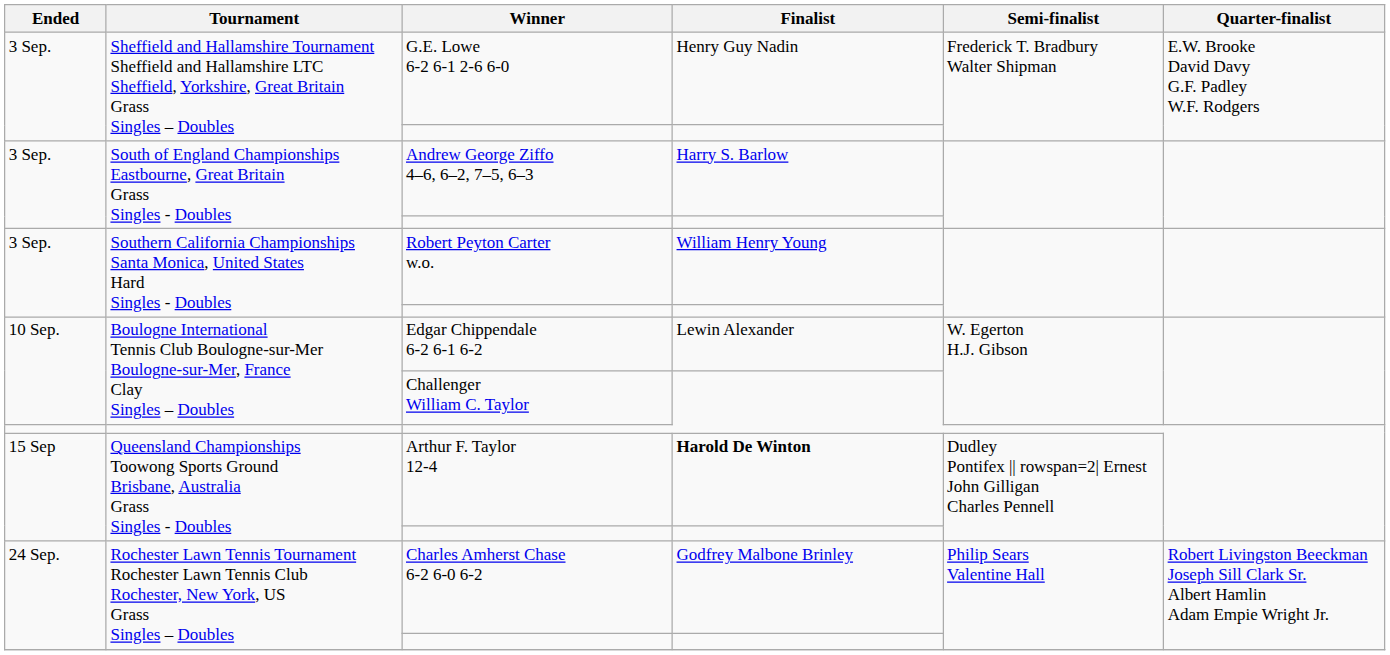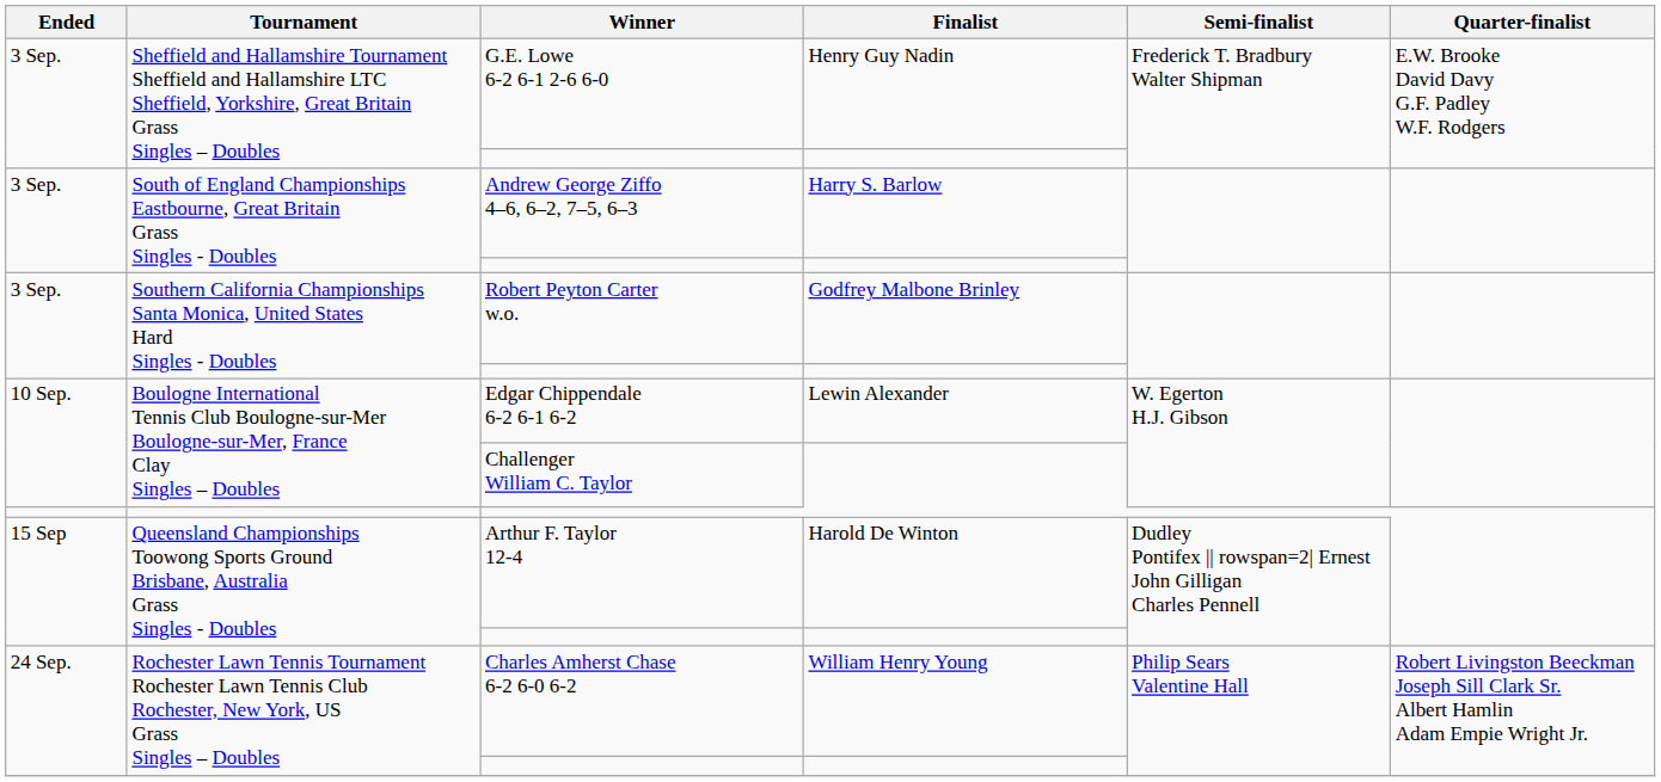 <table class="wikitable" style="font-size:85%;">
 <tr>
 <th width="75">Ended</th>
 <th width="230">Tournament</th>
 <th width="210">Winner</th>
 <th width="210">Finalist</th>
 <th width="170">Semi-finalist</th>
 <th width="170">Quarter-finalist</th>
 </tr>
 <tr valign=top>
 <td rowspan=2>3 Sep.</td>
 <td rowspan=2><a href='#'>Sheffield and Hallamshire Tournament</a><br> Sheffield and Hallamshire LTC<br><a href='#'>Sheffield</a>,  <a href='#'>Yorkshire</a>, <a href='#'>Great Britain</a><br>Grass<br><a href='#'>Singles</a> – <a href='#'>Doubles</a></td>
 <td> G.E. Lowe<br>6-2 6-1 2-6 6-0</td>
 <td> Henry Guy Nadin</td>
 <td rowspan=2> Frederick T. Bradbury<br> Walter Shipman</td>
 <td rowspan=2> E.W. Brooke<br>  David Davy<br> G.F. Padley<br> W.F. Rodgers</td>
 </tr>
 <tr valign=top>
 <td></td>
 <td></td>
 </tr>
 <tr valign=top>
 <td rowspan=2>3 Sep.</td>
 <td rowspan=2><a href='#'>South of England Championships</a><br><a href='#'>Eastbourne</a>, <a href='#'>Great Britain</a><br>Grass<br><a href='#'>Singles</a> - <a href='#'>Doubles</a></td>
 <td> <a href='#'>Andrew George Ziffo</a> <br>4–6, 6–2, 7–5, 6–3</td>
 <td> <a href='#'>Harry S. Barlow</a></td>
 <td rowspan=2></td>
 <td rowspan=2></td>
 </tr>
 <tr valign=top>
 <td></td>
 <td></td>
 </tr>
 <tr valign=top>
 <td rowspan=2>3 Sep.</td>
 <td rowspan=2><a href='#'>Southern California Championships</a><br><a href='#'>Santa Monica</a>, <a href='#'>United States</a><br>Hard<br><a href='#'>Singles</a> - <a href='#'>Doubles</a></td>
 <td> <a href='#'>Robert Peyton Carter</a><br>w.o.</td>
-<td>   <a href='#'>William Henry Young</a></td>
+<td> <a href='#'>Godfrey Malbone Brinley</a></td>
 <td rowspan=2></td>
 <td rowspan=2></td>
 </tr>
 <tr valign=top>
 <td></td>
 <td></td>
 </tr>
 <tr valign=top>
 <td rowspan=2>10 Sep.</td>
 <td rowspan=2><a href='#'>Boulogne International</a><br>Tennis Club Boulogne-sur-Mer<br> <a href='#'>Boulogne-sur-Mer</a>, <a href='#'>France</a><br>Clay<br><a href='#'>Singles</a> – <a href='#'>Doubles</a></td>
 <td> Edgar Chippendale<br>6-2 6-1 6-2</td>
 <td> Lewin Alexander</td>
 <td rowspan=2> W. Egerton <br> H.J. Gibson</td>
 <td rowspan=2></td>
 </tr>
 <tr valign=top>
 <td>Challenger<br> <a href='#'>William C. Taylor</a></td>
 </tr>
 <tr valign=top>
 <td></td>
 <td></td>
 </tr>
 <tr valign=top>
 <td rowspan=2>15 Sep</td>
 <td rowspan=2><a href='#'>Queensland Championships</a><br>Toowong Sports Ground<br><a href='#'>Brisbane</a>, <a href='#'>Australia</a><br>Grass<br><a href='#'>Singles</a> - <a href='#'>Doubles</a></td>
 <td> Arthur F. Taylor<br>12-4</td>
-<td><strong> Harold De Winton</strong></td>
+<td> Harold De Winton</td>
 <td rowspan=2> Dudley<br>Pontifex || rowspan=2| Ernest John Gilligan<br> Charles Pennell</td>
 </tr>
 <tr valign=top>
 <td></td>
 <td></td>
 </tr>
 <tr valign=top>
 <td rowspan=2>24 Sep.</td>
 <td rowspan=2><a href='#'>Rochester Lawn Tennis Tournament</a><br>Rochester Lawn Tennis Club<br><a href='#'>Rochester, New York</a>, US<br>Grass<br><a href='#'>Singles</a> – <a href='#'>Doubles</a></td>
 <td> <a href='#'>Charles Amherst Chase</a><br>6-2 6-0 6-2</td>
-<td> <a href='#'>Godfrey Malbone Brinley</a></td>
+<td>   <a href='#'>William Henry Young</a></td>
 <td rowspan=2> <a href='#'>Philip Sears</a><br> <a href='#'>Valentine Hall</a></td>
 <td rowspan=2> <a href='#'>Robert Livingston Beeckman</a><br>   <a href='#'>Joseph Sill Clark Sr.</a> <br>  Albert Hamlin<br> Adam Empie Wright Jr.</td>
 </tr>
 <tr valign=top>
 <td></td>
 <td></td>
 </tr>
 <tr valign=top>
 </tr>
 </table>
